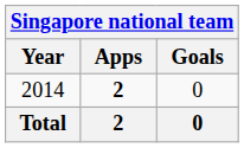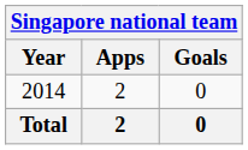 <table class="wikitable" style="text-align:center">
 <tr>
 <th colspan=3><a href='#'>Singapore national team</a></th>
 </tr>
 <tr>
 <th>Year</th>
 <th>Apps</th>
 <th>Goals</th>
 </tr>
 <tr>
 <td>2014</td>
-<td><strong>2</strong></td>
+<td>2</td>
 <td>0</td>
 </tr>
 <tr>
 <th>Total</th>
 <th>2</th>
 <th>0</th>
 </tr>
 </table>
